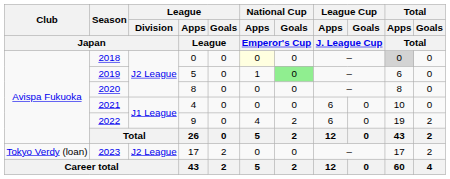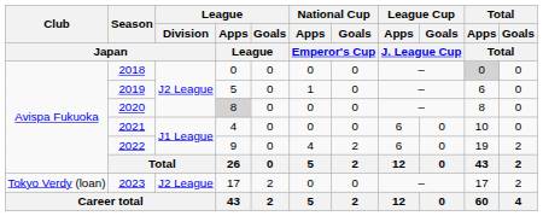 <table class="wikitable" style="text-align:center">
 <tr>
 <th rowspan=2>Club</th>
 <th rowspan=2>Season</th>
 <th colspan=3>League</th>
 <th colspan=2>National Cup</th>
 <th colspan=2>League Cup</th>
 <th colspan=2>Total</th>
 </tr>
 <tr>
 <th>Division</th>
 <th>Apps</th>
 <th>Goals</th>
 <th>Apps</th>
 <th>Goals</th>
 <th>Apps</th>
 <th>Goals</th>
 <th>Apps</th>
 <th>Goals</th>
 </tr>
 <tr>
 <th colspan=3>Japan</th>
 <th colspan=2>League</th>
 <th colspan=2><a href='#'>Emperor's Cup</a></th>
 <th colspan=2><a href='#'>J. League Cup</a></th>
 <th colspan=2>Total</th>
 </tr>
 <tr>
 <td rowspan="6"><a href='#'>Avispa Fukuoka</a></td>
 <td><a href='#'>2018</a></td>
 <td rowspan="3"><a href='#'>J2 League</a></td>
 <td>0</td>
 <td>0</td>
-<td style="background: lightyellow;">0</td>
+<td>0</td>
 <td>0</td>
 <td colspan="2">–</td>
 <td style="background: lightgrey;">0</td>
 <td>0</td>
 </tr>
 <tr>
 <td><a href='#'>2019</a></td>
 <td>5</td>
 <td>0</td>
 <td>1</td>
-<td style="background: lightgreen;">0</td>
+<td>0</td>
 <td colspan="2">–</td>
 <td>6</td>
 <td>0</td>
 </tr>
 <tr>
 <td><a href='#'>2020</a></td>
-<td>8</td>
+<td style="background: lightgrey;">8</td>
 <td>0</td>
 <td>0</td>
 <td>0</td>
 <td colspan="2">–</td>
 <td>8</td>
 <td>0</td>
 </tr>
 <tr>
 <td><a href='#'>2021</a></td>
 <td rowspan="2"><a href='#'>J1 League</a></td>
 <td>4</td>
 <td>0</td>
 <td>0</td>
 <td>0</td>
 <td>6</td>
 <td>0</td>
 <td>10</td>
 <td>0</td>
 </tr>
 <tr>
 <td><a href='#'>2022</a></td>
 <td>9</td>
 <td>0</td>
 <td>4</td>
 <td>2</td>
 <td>6</td>
 <td>0</td>
 <td>19</td>
 <td>2</td>
 </tr>
 <tr>
 <th colspan="2">Total</th>
 <th>26</th>
 <th>0</th>
 <th>5</th>
 <th>2</th>
 <th>12</th>
 <th>0</th>
 <th>43</th>
 <th>2</th>
 </tr>
 <tr>
 <td><a href='#'>Tokyo Verdy</a> (loan)</td>
 <td><a href='#'>2023</a></td>
 <td><a href='#'>J2 League</a></td>
 <td>17</td>
 <td>2</td>
 <td>0</td>
 <td>0</td>
 <td colspan="2">–</td>
 <td>17</td>
 <td>2</td>
 </tr>
 <tr>
 <th colspan=3>Career total</th>
 <th>43</th>
 <th>2</th>
 <th>5</th>
 <th>2</th>
 <th>12</th>
 <th>0</th>
 <th>60</th>
 <th>4</th>
 </tr>
 </table>
